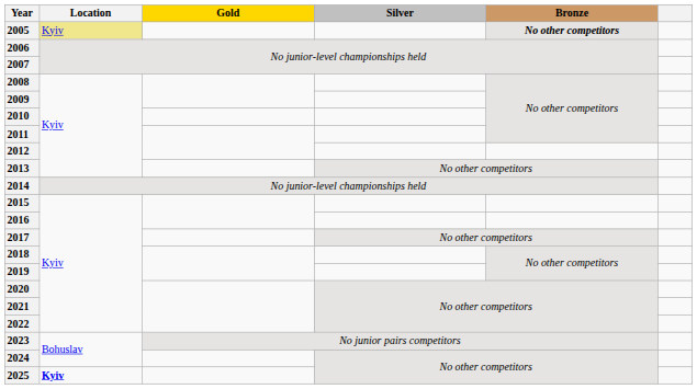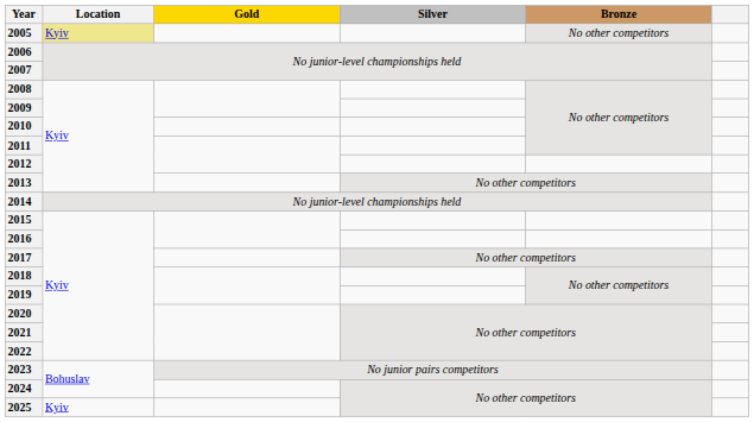 <table class="wikitable unsortable" style="text-align:left; width:80%">
 <tr>
 <th scope="col" style="text-align:center; width:5%">Year</th>
 <th scope="col" style="text-align:center; width:15%">Location</th>
 <th scope="col" style="text-align:center; width:25%; background:gold">Gold</th>
 <th scope="col" style="text-align:center; width:25%; background:silver">Silver</th>
 <th scope="col" style="text-align:center; width:25%; background:#c96">Bronze</th>
 <th scope="col" style="text-align:center; width:5%"></th>
 </tr>
 <tr>
 <th scope="row" style="text-align:left">2005</th>
 <td style="background: khaki;"><a href='#'>Kyiv</a></td>
 <td></td>
 <td></td>
-<td align="center" bgcolor="e5e4e2"><strong><em>No other competitors</em></strong></td>
+<td align="center" bgcolor="e5e4e2"><em>No other competitors</em></td>
 <td></td>
 </tr>
 <tr>
 <th scope="row" style="text-align:left">2006</th>
 <td colspan="4" rowspan="2" bgcolor="e5e4e2" align="center"><em>No junior-level championships held</em></td>
 <td></td>
 </tr>
 <tr>
 <th scope="row" style="text-align:left">2007</th>
 <td></td>
 </tr>
 <tr>
 <th scope="row" style="text-align:left">2008</th>
 <td rowspan="6"><a href='#'>Kyiv</a></td>
 <td rowspan="2"></td>
 <td></td>
 <td rowspan="4" bgcolor="e5e4e2" align="center"><em>No other competitors</em></td>
 <td></td>
 </tr>
 <tr>
 <th scope="row" style="text-align:left">2009</th>
 <td></td>
 <td></td>
 </tr>
 <tr>
 <th scope="row" style="text-align:left">2010</th>
 <td></td>
 <td></td>
 <td></td>
 </tr>
 <tr>
 <th scope="row" style="text-align:left">2011</th>
 <td rowspan="2"></td>
 <td></td>
 <td></td>
 </tr>
 <tr>
 <th scope="row" style="text-align:left">2012</th>
 <td></td>
 <td></td>
 <td></td>
 </tr>
 <tr>
 <th scope="row" style="text-align:left">2013</th>
 <td></td>
 <td colspan="2" align="center" bgcolor="e5e4e2"><em>No other competitors</em></td>
 <td></td>
 </tr>
 <tr>
 <th scope="row" style="text-align:left">2014</th>
 <td colspan="4" bgcolor="e5e4e2" align="center"><em>No junior-level championships held</em></td>
 <td></td>
 </tr>
 <tr>
 <th scope="row" style="text-align:left">2015</th>
 <td rowspan="8"><a href='#'>Kyiv</a></td>
 <td rowspan="2"></td>
 <td></td>
 <td></td>
 <td></td>
 </tr>
 <tr>
 <th scope="row" style="text-align:left">2016</th>
 <td></td>
 <td></td>
 <td></td>
 </tr>
 <tr>
 <th scope="row" style="text-align:left">2017</th>
 <td></td>
 <td colspan="2" align="center" bgcolor="e5e4e2"><em>No other competitors</em></td>
 <td></td>
 </tr>
 <tr>
 <th scope="row" style="text-align:left">2018</th>
 <td rowspan="2"></td>
 <td></td>
 <td rowspan="2" align="center" bgcolor="e5e4e2"><em>No other competitors</em></td>
 <td></td>
 </tr>
 <tr>
 <th scope="row" style="text-align:left">2019</th>
 <td></td>
 <td></td>
 </tr>
 <tr>
 <th scope="row" style="text-align:left">2020</th>
 <td rowspan="3"></td>
 <td colspan="2" rowspan="3" align="center" bgcolor="e5e4e2"><em>No other competitors</em></td>
 <td></td>
 </tr>
 <tr>
 <th scope="row" style="text-align:left">2021</th>
 <td></td>
 </tr>
 <tr>
 <th scope="row" style="text-align:left">2022</th>
 <td></td>
 </tr>
 <tr>
 <th scope="row" style="text-align:left">2023</th>
 <td rowspan="2"><a href='#'>Bohuslav</a></td>
 <td colspan="3" align="center" bgcolor="e5e4e2"><em>No junior pairs competitors</em></td>
 <td></td>
 </tr>
 <tr>
 <th scope="row" style="text-align:left">2024</th>
 <td></td>
 <td colspan="2" rowspan="2" align="center" bgcolor="e5e4e2"><em>No other competitors</em></td>
 <td></td>
 </tr>
 <tr>
 <th scope="row" style="text-align:left">2025</th>
-<td><strong><a href='#'>Kyiv</a></strong></td>
+<td><a href='#'>Kyiv</a></td>
 <td></td>
 <td></td>
 </tr>
 </table>
